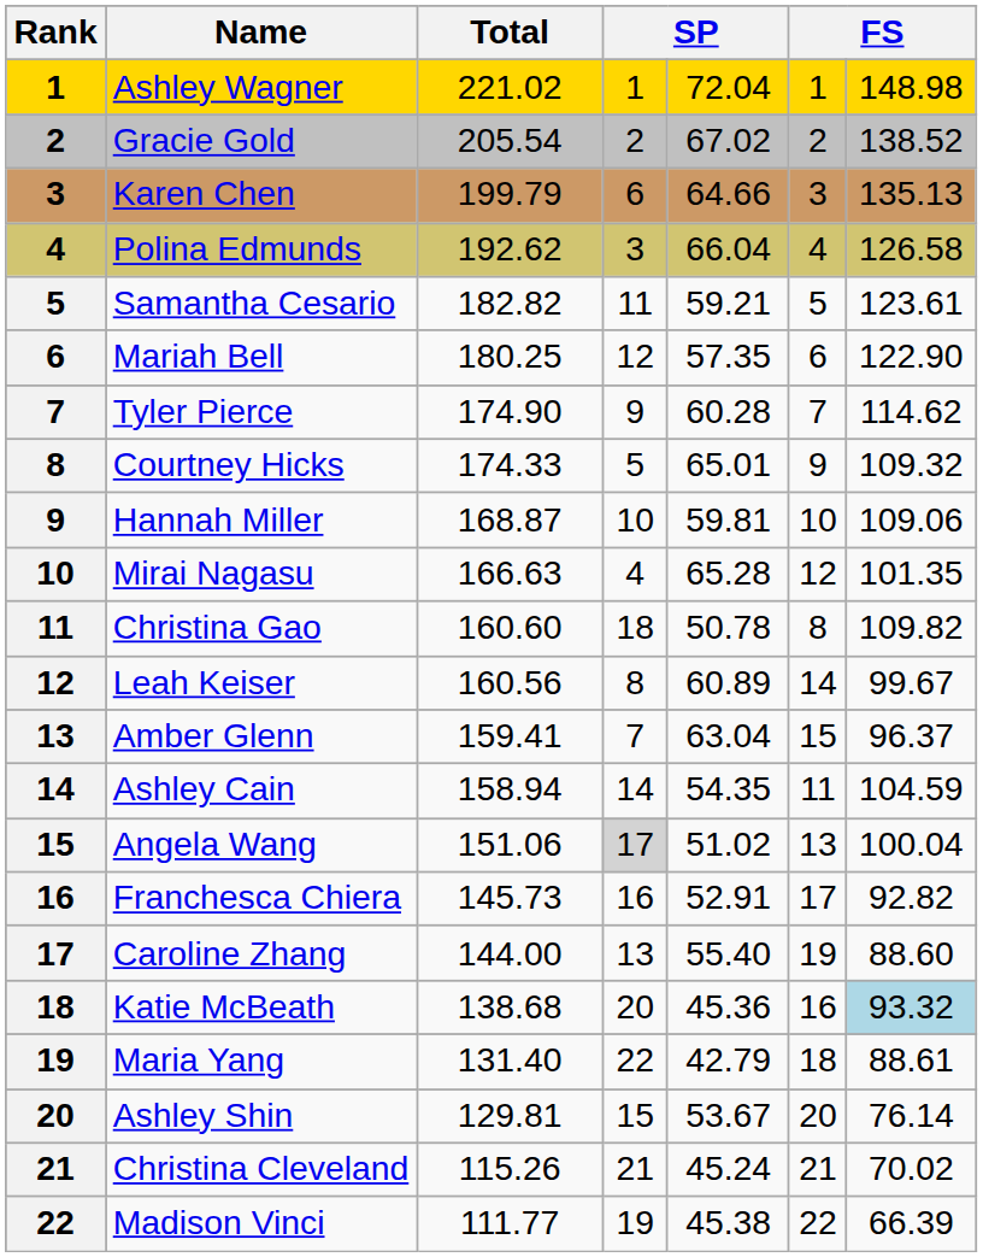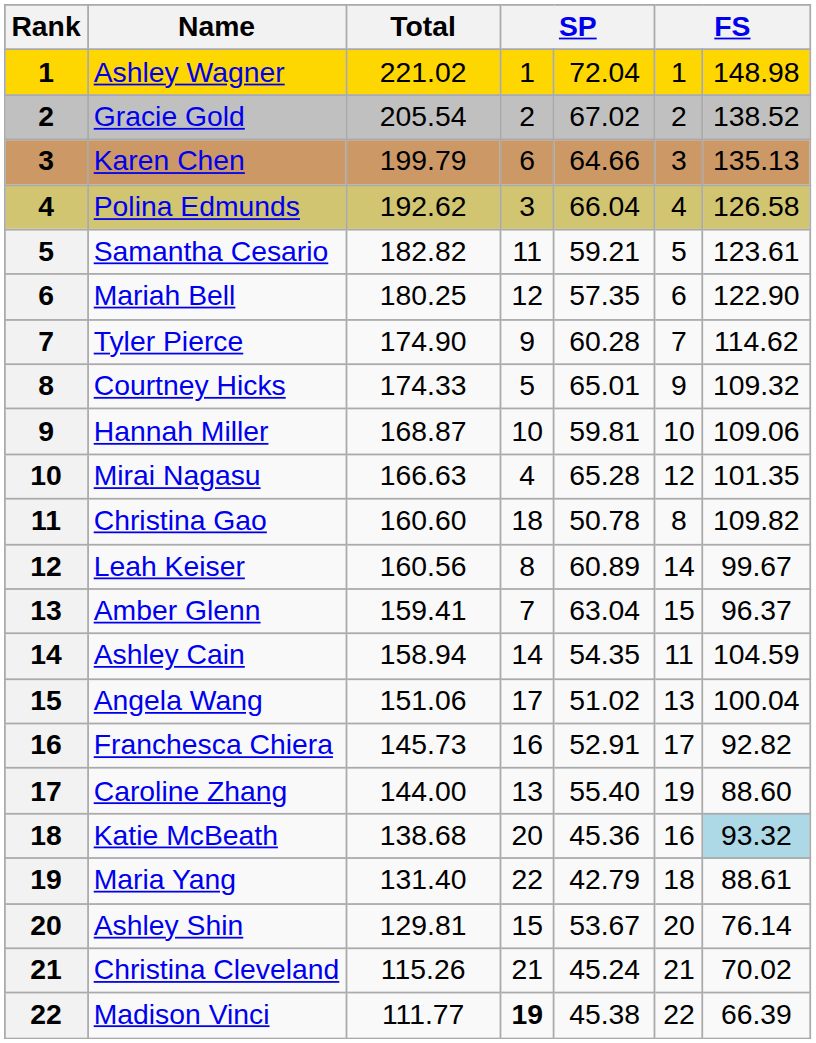 <table class="wikitable sortable">
 <tr>
 <th>Rank</th>
 <th>Name</th>
 <th width="80px">Total</th>
 <th colspan="2" width="80px"><a href='#'>SP</a></th>
 <th colspan="2" width="80px"><a href='#'>FS</a></th>
 </tr>
 <tr bgcolor="gold">
 <td align="center"><strong>1</strong></td>
 <td><a href='#'>Ashley Wagner</a></td>
 <td align="center">221.02</td>
 <td align="center">1</td>
 <td align="center">72.04</td>
 <td align="center">1</td>
 <td align="center">148.98</td>
 </tr>
 <tr bgcolor="silver">
 <td align="center"><strong>2</strong></td>
 <td><a href='#'>Gracie Gold</a></td>
 <td align="center">205.54</td>
 <td align="center">2</td>
 <td align="center">67.02</td>
 <td align="center">2</td>
 <td align="center">138.52</td>
 </tr>
 <tr bgcolor="cc9966">
 <td align="center"><strong>3</strong></td>
 <td><a href='#'>Karen Chen</a></td>
 <td align="center">199.79</td>
 <td align="center">6</td>
 <td align="center">64.66</td>
 <td align="center">3</td>
 <td align="center">135.13</td>
 </tr>
 <tr bgcolor="#d1c571">
 <td align="center"><strong>4</strong></td>
 <td><a href='#'>Polina Edmunds</a></td>
 <td align="center">192.62</td>
 <td align="center">3</td>
 <td align="center">66.04</td>
 <td align="center">4</td>
 <td align="center">126.58</td>
 </tr>
 <tr>
 <th>5</th>
 <td><a href='#'>Samantha Cesario</a></td>
 <td align="center">182.82</td>
 <td align="center">11</td>
 <td align="center">59.21</td>
 <td align="center">5</td>
 <td align="center">123.61</td>
 </tr>
 <tr>
 <th>6</th>
 <td><a href='#'>Mariah Bell</a></td>
 <td align="center">180.25</td>
 <td align="center">12</td>
 <td align="center">57.35</td>
 <td align="center">6</td>
 <td align="center">122.90</td>
 </tr>
 <tr>
 <th>7</th>
 <td><a href='#'>Tyler Pierce</a></td>
 <td align="center">174.90</td>
 <td align="center">9</td>
 <td align="center">60.28</td>
 <td align="center">7</td>
 <td align="center">114.62</td>
 </tr>
 <tr>
 <th>8</th>
 <td><a href='#'>Courtney Hicks</a></td>
 <td align="center">174.33</td>
 <td align="center">5</td>
 <td align="center">65.01</td>
 <td align="center">9</td>
 <td align="center">109.32</td>
 </tr>
 <tr>
 <th>9</th>
 <td><a href='#'>Hannah Miller</a></td>
 <td align="center">168.87</td>
 <td align="center">10</td>
 <td align="center">59.81</td>
 <td align="center">10</td>
 <td align="center">109.06</td>
 </tr>
 <tr>
 <th>10</th>
 <td><a href='#'>Mirai Nagasu</a></td>
 <td align="center">166.63</td>
 <td align="center">4</td>
 <td align="center">65.28</td>
 <td align="center">12</td>
 <td align="center">101.35</td>
 </tr>
 <tr>
 <th>11</th>
 <td><a href='#'>Christina Gao</a></td>
 <td align="center">160.60</td>
 <td align="center">18</td>
 <td align="center">50.78</td>
 <td align="center">8</td>
 <td align="center">109.82</td>
 </tr>
 <tr>
 <th>12</th>
 <td><a href='#'>Leah Keiser</a></td>
 <td align="center">160.56</td>
 <td align="center">8</td>
 <td align="center">60.89</td>
 <td align="center">14</td>
 <td align="center">99.67</td>
 </tr>
 <tr>
 <th>13</th>
 <td><a href='#'>Amber Glenn</a></td>
 <td align="center">159.41</td>
 <td align="center">7</td>
 <td align="center">63.04</td>
 <td align="center">15</td>
 <td align="center">96.37</td>
 </tr>
 <tr>
 <th>14</th>
 <td><a href='#'>Ashley Cain</a></td>
 <td align="center">158.94</td>
 <td align="center">14</td>
 <td align="center">54.35</td>
 <td align="center">11</td>
 <td align="center">104.59</td>
 </tr>
 <tr>
 <th>15</th>
 <td><a href='#'>Angela Wang</a></td>
 <td align="center">151.06</td>
-<td align="center" style="background: lightgrey;">17</td>
+<td align="center">17</td>
 <td align="center">51.02</td>
 <td align="center">13</td>
 <td align="center">100.04</td>
 </tr>
 <tr>
 <th>16</th>
 <td><a href='#'>Franchesca Chiera</a></td>
 <td align="center">145.73</td>
 <td align="center">16</td>
 <td align="center">52.91</td>
 <td align="center">17</td>
 <td align="center">92.82</td>
 </tr>
 <tr>
 <th>17</th>
 <td><a href='#'>Caroline Zhang</a></td>
 <td align="center">144.00</td>
 <td align="center">13</td>
 <td align="center">55.40</td>
 <td align="center">19</td>
 <td align="center">88.60</td>
 </tr>
 <tr>
 <th>18</th>
 <td><a href='#'>Katie McBeath</a></td>
 <td align="center">138.68</td>
 <td align="center">20</td>
 <td align="center">45.36</td>
 <td align="center">16</td>
 <td align="center" style="background: lightblue;">93.32</td>
 </tr>
 <tr>
 <th>19</th>
 <td><a href='#'>Maria Yang</a></td>
 <td align="center">131.40</td>
 <td align="center">22</td>
 <td align="center">42.79</td>
 <td align="center">18</td>
 <td align="center">88.61</td>
 </tr>
 <tr>
 <th>20</th>
 <td><a href='#'>Ashley Shin</a></td>
 <td align="center">129.81</td>
 <td align="center">15</td>
 <td align="center">53.67</td>
 <td align="center">20</td>
 <td align="center">76.14</td>
 </tr>
 <tr>
 <th>21</th>
 <td><a href='#'>Christina Cleveland</a></td>
 <td align="center">115.26</td>
 <td align="center">21</td>
 <td align="center">45.24</td>
 <td align="center">21</td>
 <td align="center">70.02</td>
 </tr>
 <tr>
 <th>22</th>
 <td><a href='#'>Madison Vinci</a></td>
 <td align="center">111.77</td>
-<td align="center">19</td>
+<td align="center"><strong>19</strong></td>
 <td align="center">45.38</td>
 <td align="center">22</td>
 <td align="center">66.39</td>
 </tr>
 </table>
